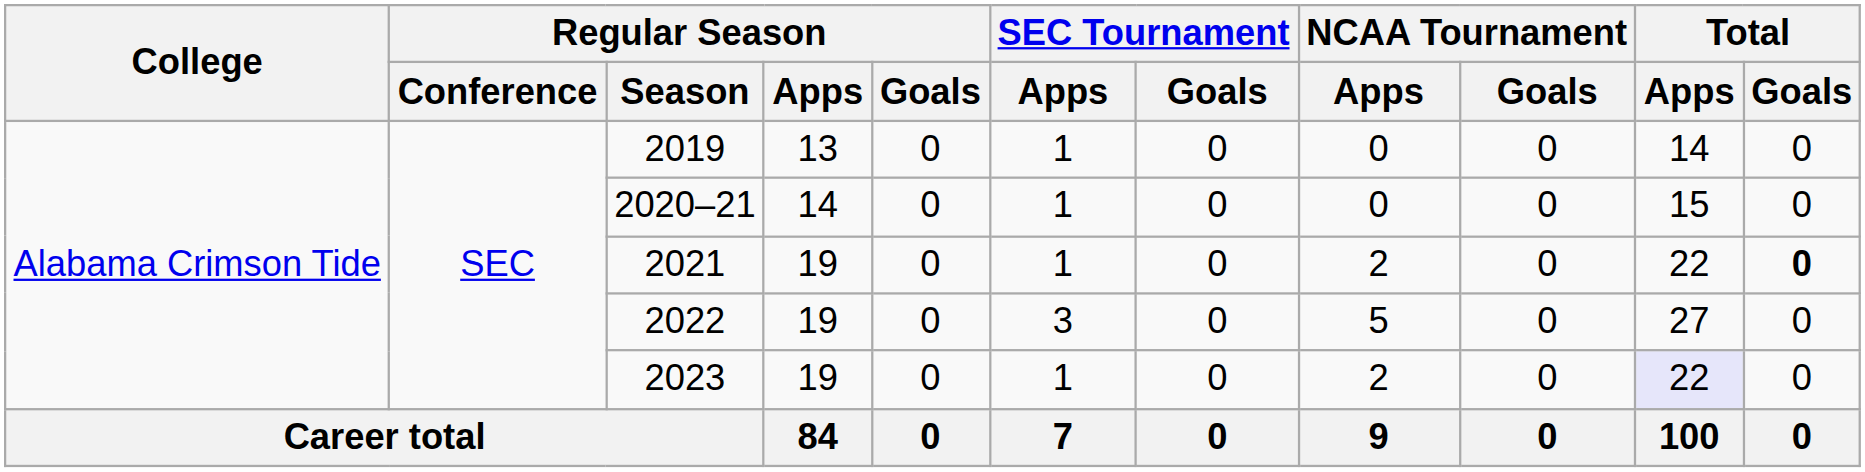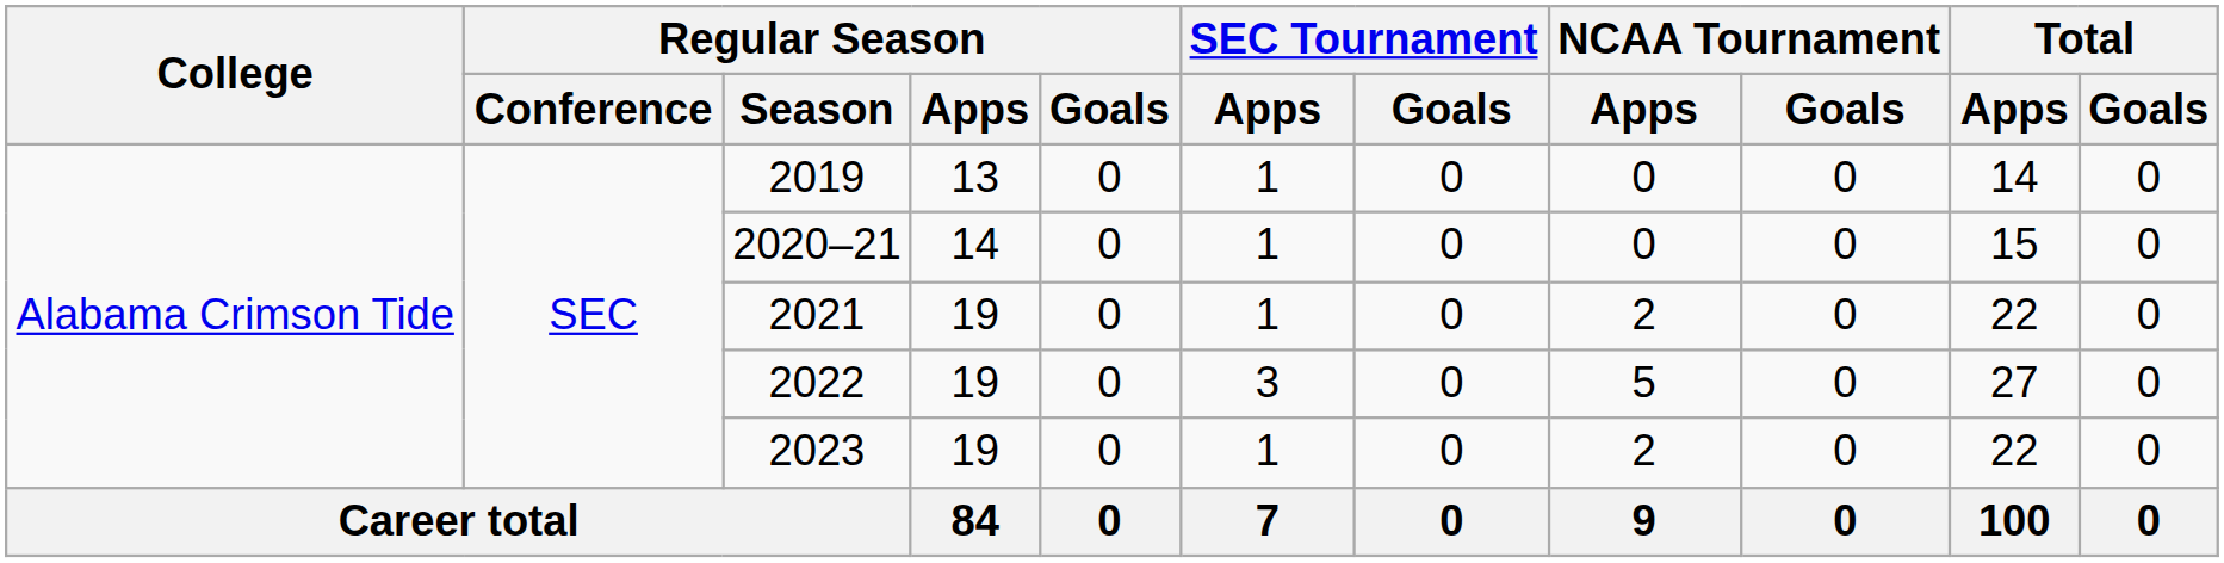 <table class="wikitable" style="text-align: center;">
 <tr>
 <th rowspan="2">College</th>
 <th colspan="4">Regular Season</th>
 <th colspan="2"><a href='#'>SEC Tournament</a></th>
 <th colspan="2">NCAA Tournament</th>
 <th colspan="2">Total</th>
 </tr>
 <tr>
 <th>Conference</th>
 <th>Season</th>
 <th>Apps</th>
 <th>Goals</th>
 <th>Apps</th>
 <th>Goals</th>
 <th>Apps</th>
 <th>Goals</th>
 <th>Apps</th>
 <th>Goals</th>
 </tr>
 <tr>
 <td rowspan="5"><a href='#'>Alabama Crimson Tide</a></td>
 <td rowspan="5"><a href='#'>SEC</a></td>
 <td>2019</td>
 <td>13</td>
 <td>0</td>
 <td>1</td>
 <td>0</td>
 <td>0</td>
 <td>0</td>
 <td>14</td>
 <td>0</td>
 </tr>
 <tr>
 <td>2020–21</td>
 <td>14</td>
 <td>0</td>
 <td>1</td>
 <td>0</td>
 <td>0</td>
 <td>0</td>
 <td>15</td>
 <td>0</td>
 </tr>
 <tr>
 <td>2021</td>
 <td>19</td>
 <td>0</td>
 <td>1</td>
 <td>0</td>
 <td>2</td>
 <td>0</td>
 <td>22</td>
-<td><strong>0</strong></td>
+<td>0</td>
 </tr>
 <tr>
 <td>2022</td>
 <td>19</td>
 <td>0</td>
 <td>3</td>
 <td>0</td>
 <td>5</td>
 <td>0</td>
 <td>27</td>
 <td>0</td>
 </tr>
 <tr>
 <td>2023</td>
 <td>19</td>
 <td>0</td>
 <td>1</td>
 <td>0</td>
 <td>2</td>
 <td>0</td>
-<td style="background: lavender;">22</td>
+<td>22</td>
 <td>0</td>
 </tr>
 <tr>
 <th colspan="3">Career total</th>
 <th>84</th>
 <th>0</th>
 <th>7</th>
 <th>0</th>
 <th>9</th>
 <th>0</th>
 <th>100</th>
 <th>0</th>
 </tr>
 </table>
